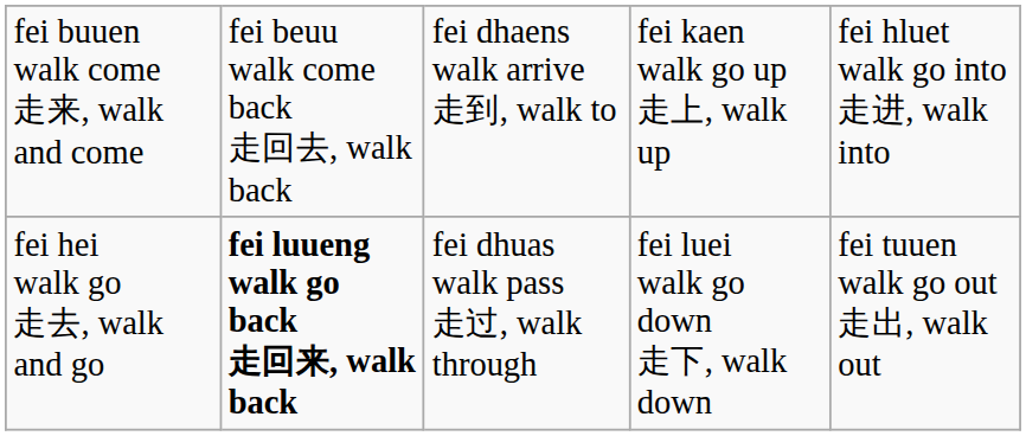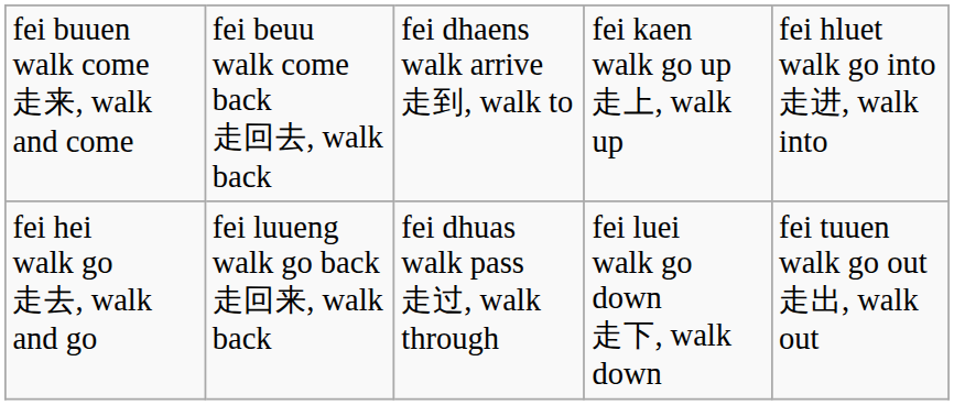 <table class="wikitable" width="482">
 <tr>
 <td width="103" valign="top">fei     buuen<br>walk  come<br>走来, walk and come</td>
 <td width="96" valign="top">fei     beuu<br>walk  come back<br>走回去, walk back</td>
 <td width="96" valign="top">fei     dhaens<br>walk  arrive<br>走到, walk to</td>
 <td width="96" valign="top">fei     kaen<br>walk  go up<br>走上, walk up</td>
 <td width="90" valign="top">fei     hluet<br>walk  go into<br>走进, walk into</td>
 </tr>
 <tr>
 <td width="103" valign="top">fei     hei<br>walk  go<br>走去, walk and go</td>
-<td width="96" valign="top"><strong>fei     luueng<br>walk  go back<br>走回来, walk back</strong></td>
+<td width="96" valign="top">fei     luueng<br>walk  go back<br>走回来, walk back</td>
 <td width="96" valign="top">fei     dhuas<br>walk  pass<br>走过, walk through</td>
 <td width="96" valign="top">fei     luei<br>walk  go down<br>走下, walk down</td>
 <td width="90" valign="top">fei     tuuen<br>walk  go out<br>走出, walk out</td>
 </tr>
 </table>
